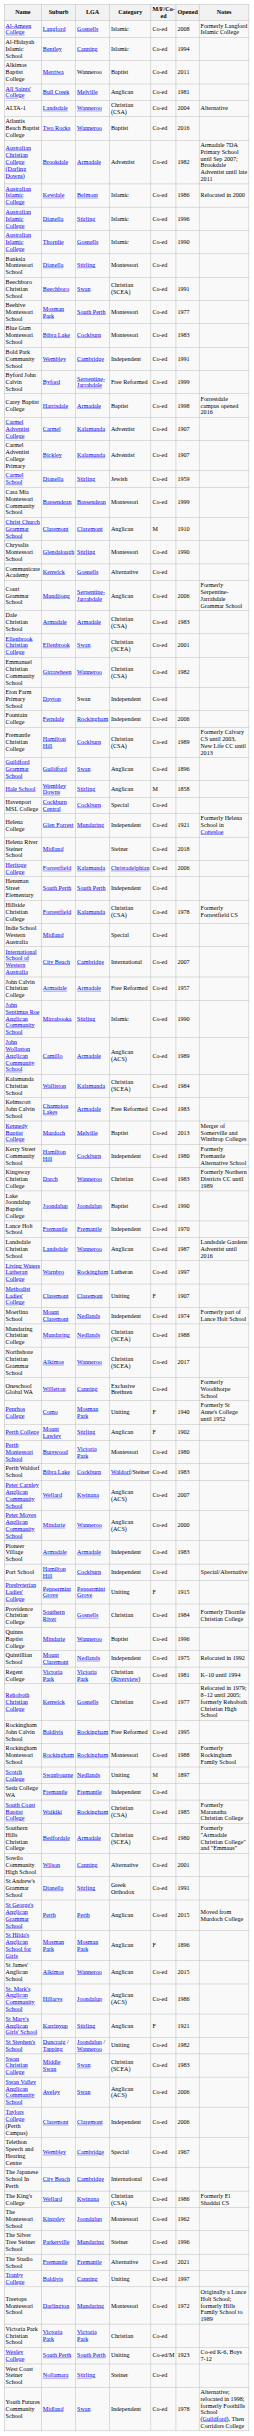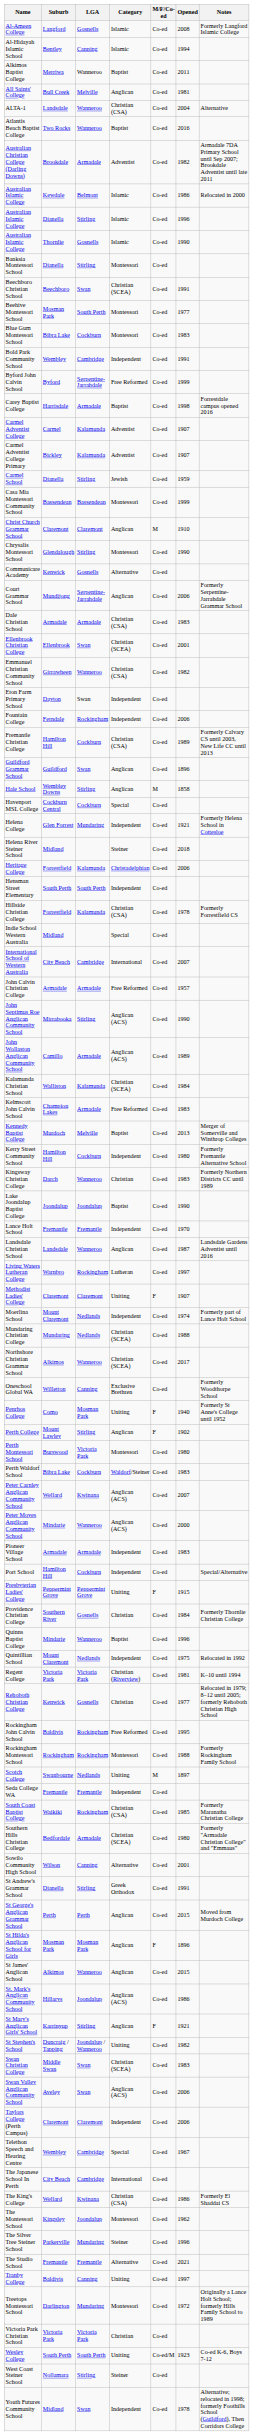 <table class="wikitable sortable">
 <tr>
 <th>Name</th>
 <th>Suburb</th>
 <th>LGA</th>
 <th>Category</th>
 <th>M/F/Co-ed</th>
 <th>Opened</th>
 <th>Notes</th>
 </tr>
 <tr>
 <td><a href='#'>Al-Ameen College</a></td>
 <td><a href='#'>Langford</a></td>
 <td><a href='#'>Gosnells</a></td>
 <td>Islamic</td>
 <td>Co-ed</td>
 <td>2008</td>
 <td>Formerly Langford Islamic College</td>
 </tr>
 <tr>
 <td>Al-Hidayah Islamic School</td>
 <td><a href='#'>Bentley</a></td>
 <td><a href='#'>Canning</a></td>
 <td>Islamic</td>
 <td>Co-ed</td>
 <td>1994</td>
 <td></td>
 </tr>
 <tr>
 <td>Alkimos Baptist College</td>
 <td><a href='#'>Merriwa</a></td>
 <td>Wanneroo</td>
 <td>Baptist</td>
 <td>Co-ed</td>
 <td>2011</td>
 <td></td>
 </tr>
 <tr>
 <td><a href='#'>All Saints' College</a></td>
 <td><a href='#'>Bull Creek</a></td>
 <td><a href='#'>Melville</a></td>
 <td>Anglican</td>
 <td>Co-ed</td>
 <td>1981</td>
 <td></td>
 </tr>
 <tr>
 <td>ALTA-1</td>
 <td><a href='#'>Landsdale</a></td>
 <td><a href='#'>Wanneroo</a></td>
 <td>Christian (CSA)</td>
 <td>Co-ed</td>
 <td>2004</td>
 <td>Alternative</td>
 </tr>
 <tr>
 <td>Atlantis Beach Baptist College</td>
 <td><a href='#'>Two Rocks</a></td>
 <td><a href='#'>Wanneroo</a></td>
 <td>Baptist</td>
 <td>Co-ed</td>
 <td>2016</td>
 <td></td>
 </tr>
 <tr>
 <td><a href='#'>Australian Christian College (Darling Downs)</a></td>
 <td><a href='#'>Brookdale</a></td>
 <td><a href='#'>Armadale</a></td>
 <td>Adventist</td>
 <td>Co-ed</td>
 <td>1982</td>
 <td>Armadale 7DA Primary School until Sep 2007; Brookdale Adventist until late 2011</td>
 </tr>
 <tr>
 <td><a href='#'>Australian Islamic College</a></td>
 <td><a href='#'>Kewdale</a></td>
 <td><a href='#'>Belmont</a></td>
 <td>Islamic</td>
 <td>Co-ed</td>
 <td>1986</td>
 <td>Relocated in 2000</td>
 </tr>
 <tr>
 <td><a href='#'>Australian Islamic College</a></td>
 <td><a href='#'>Dianella</a></td>
 <td><a href='#'>Stirling</a></td>
 <td>Islamic</td>
 <td>Co-ed</td>
 <td>1996</td>
 <td></td>
 </tr>
 <tr>
 <td><a href='#'>Australian Islamic College</a></td>
 <td><a href='#'>Thornlie</a></td>
 <td><a href='#'>Gosnells</a></td>
 <td>Islamic</td>
 <td>Co-ed</td>
 <td>1990</td>
 <td></td>
 </tr>
 <tr>
 <td>Banksia Montessori School</td>
 <td><a href='#'>Dianella</a></td>
 <td><a href='#'>Stirling</a></td>
 <td>Montessori</td>
 <td>Co-ed</td>
 <td></td>
 <td></td>
 </tr>
 <tr>
 <td>Beechboro Christian School</td>
 <td><a href='#'>Beechboro</a></td>
 <td><a href='#'>Swan</a></td>
 <td>Christian (SCEA)</td>
 <td>Co-ed</td>
 <td>1991</td>
 <td></td>
 </tr>
 <tr>
 <td>Beehive Montessori School</td>
 <td><a href='#'>Mosman Park</a></td>
 <td><a href='#'>South Perth</a></td>
 <td>Montessori</td>
 <td>Co-ed</td>
 <td>1977</td>
 <td></td>
 </tr>
 <tr>
 <td>Blue Gum Montessori School</td>
 <td><a href='#'>Bibra Lake</a></td>
 <td><a href='#'>Cockburn</a></td>
 <td>Montessori</td>
 <td>Co-ed</td>
 <td>1983</td>
 <td></td>
 </tr>
 <tr>
 <td>Bold Park Community School</td>
 <td><a href='#'>Wembley</a></td>
 <td><a href='#'>Cambridge</a></td>
 <td>Independent</td>
 <td>Co-ed</td>
 <td>1991</td>
 <td></td>
 </tr>
 <tr>
 <td>Byford John Calvin School</td>
 <td><a href='#'>Byford</a></td>
 <td><a href='#'>Serpentine-Jarrahdale</a></td>
 <td>Free Reformed</td>
 <td>Co-ed</td>
 <td>1999</td>
 <td></td>
 </tr>
 <tr>
 <td>Carey Baptist College</td>
 <td><a href='#'>Harrisdale</a></td>
 <td><a href='#'>Armadale</a></td>
 <td>Baptist</td>
 <td>Co-ed</td>
 <td>1998</td>
 <td>Forrestdale campus opened 2016</td>
 </tr>
 <tr>
 <td><a href='#'>Carmel Adventist College</a></td>
 <td><a href='#'>Carmel</a></td>
 <td><a href='#'>Kalamunda</a></td>
 <td>Adventist</td>
 <td>Co-ed</td>
 <td>1907</td>
 <td></td>
 </tr>
 <tr>
 <td>Carmel Adventist College Primary</td>
 <td><a href='#'>Bickley</a></td>
 <td><a href='#'>Kalamunda</a></td>
 <td>Adventist</td>
 <td>Co-ed</td>
 <td>1907</td>
 <td></td>
 </tr>
 <tr>
 <td><a href='#'>Carmel School</a></td>
 <td><a href='#'>Dianella</a></td>
 <td><a href='#'>Stirling</a></td>
 <td>Jewish</td>
 <td>Co-ed</td>
 <td>1959</td>
 <td></td>
 </tr>
 <tr>
 <td>Casa Mia Montessori Community School</td>
 <td><a href='#'>Bassendean</a></td>
 <td><a href='#'>Bassendean</a></td>
 <td>Montessori</td>
 <td>Co-ed</td>
 <td>1999</td>
 <td></td>
 </tr>
 <tr>
 <td><a href='#'>Christ Church Grammar School</a></td>
 <td><a href='#'>Claremont</a></td>
 <td><a href='#'>Claremont</a></td>
 <td>Anglican</td>
 <td>M</td>
 <td>1910</td>
 <td></td>
 </tr>
 <tr>
 <td>Chrysalis Montessori School</td>
 <td><a href='#'>Glendalough</a></td>
 <td><a href='#'>Stirling</a></td>
 <td>Montessori</td>
 <td>Co-ed</td>
 <td>1990</td>
 <td></td>
 </tr>
 <tr>
 <td>Communicare Academy</td>
 <td><a href='#'>Kenwick</a></td>
 <td><a href='#'>Gosnells</a></td>
 <td>Alternative</td>
 <td>Co-ed</td>
 <td></td>
 <td></td>
 </tr>
 <tr>
 <td>Court Grammar School</td>
 <td><a href='#'>Mundijong</a></td>
 <td><a href='#'>Serpentine-Jarrahdale</a></td>
 <td>Anglican</td>
 <td>Co-ed</td>
 <td>2006</td>
 <td>Formerly Serpentine-Jarrahdale Grammar School</td>
 </tr>
 <tr>
 <td>Dale Christian School</td>
 <td><a href='#'>Armadale</a></td>
 <td><a href='#'>Armadale</a></td>
 <td>Christian (CSA)</td>
 <td>Co-ed</td>
 <td>1983</td>
 <td></td>
 </tr>
 <tr>
 <td><a href='#'>Ellenbrook Christian College</a></td>
 <td><a href='#'>Ellenbrook</a></td>
 <td><a href='#'>Swan</a></td>
 <td>Christian (SCEA)</td>
 <td>Co-ed</td>
 <td>2001</td>
 <td></td>
 </tr>
 <tr>
 <td>Emmanuel Christian Community School</td>
 <td><a href='#'>Girrawheen</a></td>
 <td><a href='#'>Wanneroo</a></td>
 <td>Christian (CSA)</td>
 <td>Co-ed</td>
 <td>1982</td>
 <td></td>
 </tr>
 <tr>
 <td>Eton Farm Primary School</td>
 <td><a href='#'>Dayton</a></td>
 <td>Swan</td>
 <td>Independent</td>
 <td>Co-ed</td>
 <td></td>
 <td></td>
 </tr>
 <tr>
 <td>Fountain College</td>
 <td><a href='#'>Ferndale</a></td>
 <td><a href='#'>Rockingham</a></td>
 <td>Independent</td>
 <td>Co-ed</td>
 <td>2006</td>
 <td></td>
 </tr>
 <tr>
 <td>Fremantle Christian College</td>
 <td><a href='#'>Hamilton Hill</a></td>
 <td><a href='#'>Cockburn</a></td>
 <td>Christian (CSA)</td>
 <td>Co-ed</td>
 <td>1989</td>
 <td>Formerly Calvary CS until 2003, New Life CC until 2013</td>
 </tr>
 <tr>
 <td><a href='#'>Guildford Grammar School</a></td>
 <td><a href='#'>Guildford</a></td>
 <td><a href='#'>Swan</a></td>
 <td>Anglican</td>
 <td>Co-ed</td>
 <td>1896</td>
 <td></td>
 </tr>
 <tr>
 <td><a href='#'>Hale School</a></td>
 <td><a href='#'>Wembley Downs</a></td>
 <td><a href='#'>Stirling</a></td>
 <td>Anglican</td>
 <td>M</td>
 <td>1858</td>
 <td></td>
 </tr>
 <tr>
 <td>Havenport MSL College</td>
 <td><a href='#'>Cockburn Central</a></td>
 <td><a href='#'>Cockburn</a></td>
 <td>Special</td>
 <td>Co-ed</td>
 <td></td>
 <td></td>
 </tr>
 <tr>
 <td>Helena College</td>
 <td><a href='#'>Glen Forrest</a></td>
 <td><a href='#'>Mundaring</a></td>
 <td>Independent</td>
 <td>Co-ed</td>
 <td>1921</td>
 <td>Formerly Helena School in <a href='#'>Cottesloe</a></td>
 </tr>
 <tr>
 <td>Helena River Steiner School</td>
 <td><a href='#'>Midland</a></td>
 <td></td>
 <td>Steiner</td>
 <td>Co-ed</td>
 <td>2018</td>
 <td></td>
 </tr>
 <tr>
 <td><a href='#'>Heritage College</a></td>
 <td><a href='#'>Forrestfield</a></td>
 <td><a href='#'>Kalamunda</a></td>
 <td><a href='#'>Christadelphian</a></td>
 <td>Co-ed</td>
 <td>2006</td>
 <td></td>
 </tr>
 <tr>
 <td>Hensman Street Elementary</td>
 <td><a href='#'>South Perth</a></td>
 <td><a href='#'>South Perth</a></td>
 <td>Independent</td>
 <td>Co-ed</td>
 <td></td>
 <td></td>
 </tr>
 <tr>
 <td>Hillside Christian College</td>
 <td><a href='#'>Forrestfield</a></td>
 <td><a href='#'>Kalamunda</a></td>
 <td>Christian (CSA)</td>
 <td>Co-ed</td>
 <td>1978</td>
 <td>Formerly Forrestfield CS</td>
 </tr>
 <tr>
 <td>Indie School Western Australia</td>
 <td><a href='#'>Midland</a></td>
 <td></td>
 <td>Special</td>
 <td>Co-ed</td>
 <td></td>
 <td></td>
 </tr>
 <tr>
 <td><a href='#'>International School of Western Australia</a></td>
 <td><a href='#'>City Beach</a></td>
 <td><a href='#'>Cambridge</a></td>
 <td>International</td>
 <td>Co-ed</td>
 <td>2007</td>
 <td></td>
 </tr>
 <tr>
 <td>John Calvin Christian College</td>
 <td><a href='#'>Armadale</a></td>
 <td><a href='#'>Armadale</a></td>
 <td>Free Reformed</td>
 <td>Co-ed</td>
 <td>1957</td>
 <td></td>
 </tr>
 <tr>
 <td><a href='#'>John Septimus Roe Anglican Community School</a></td>
 <td><a href='#'>Mirrabooka</a></td>
 <td><a href='#'>Stirling</a></td>
-<td>Islamic</td>
+<td>Anglican (ACS)</td>
 <td>Co-ed</td>
 <td>1990</td>
 <td></td>
 </tr>
 <tr>
 <td><a href='#'>John Wollaston Anglican Community School</a></td>
 <td><a href='#'>Camillo</a></td>
 <td><a href='#'>Armadale</a></td>
 <td>Anglican (ACS)</td>
 <td>Co-ed</td>
 <td>1989</td>
 <td></td>
 </tr>
 <tr>
 <td>Kalamunda Christian School</td>
 <td><a href='#'>Walliston</a></td>
 <td><a href='#'>Kalamunda</a></td>
 <td>Christian (SCEA)</td>
 <td>Co-ed</td>
 <td>1984</td>
 <td></td>
 </tr>
 <tr>
 <td>Kelmscott John Calvin School</td>
 <td><a href='#'>Champion Lakes</a></td>
 <td><a href='#'>Armadale</a></td>
 <td>Free Reformed</td>
 <td>Co-ed</td>
 <td>1983</td>
 <td></td>
 </tr>
 <tr>
 <td><a href='#'>Kennedy Baptist College</a></td>
 <td><a href='#'>Murdoch</a></td>
 <td><a href='#'>Melville</a></td>
 <td>Baptist</td>
 <td>Co-ed</td>
 <td>2013</td>
 <td>Merger of Somerville and Winthrop Colleges</td>
 </tr>
 <tr>
 <td>Kerry Street Community School</td>
 <td><a href='#'>Hamilton Hill</a></td>
 <td><a href='#'>Cockburn</a></td>
 <td>Independent</td>
 <td>Co-ed</td>
 <td>1980</td>
 <td>Formerly Fremantle Alternative School</td>
 </tr>
 <tr>
 <td>Kingsway Christian College</td>
 <td><a href='#'>Darch</a></td>
 <td><a href='#'>Wanneroo</a></td>
 <td>Christian</td>
 <td>Co-ed</td>
 <td>1983</td>
 <td>Formerly Northern Districts CC until 1989</td>
 </tr>
 <tr>
 <td>Lake Joondalup Baptist College</td>
 <td><a href='#'>Joondalup</a></td>
 <td><a href='#'>Joondalup</a></td>
 <td>Baptist</td>
 <td>Co-ed</td>
 <td>1990</td>
 <td></td>
 </tr>
 <tr>
 <td>Lance Holt School</td>
 <td><a href='#'>Fremantle</a></td>
 <td><a href='#'>Fremantle</a></td>
 <td>Independent</td>
 <td>Co-ed</td>
 <td>1970</td>
 <td></td>
 </tr>
 <tr>
 <td>Landsdale Christian School</td>
 <td><a href='#'>Landsdale</a></td>
 <td><a href='#'>Wanneroo</a></td>
 <td>Anglican</td>
 <td>Co-ed</td>
 <td>1987</td>
 <td>Landsdale Gardens Adventist until 2016</td>
 </tr>
 <tr>
 <td><a href='#'>Living Waters Lutheran College</a></td>
 <td><a href='#'>Warnbro</a></td>
 <td><a href='#'>Rockingham</a></td>
 <td>Lutheran</td>
 <td>Co-ed</td>
 <td>1997</td>
 <td></td>
 </tr>
 <tr>
 <td><a href='#'>Methodist Ladies' College</a></td>
 <td><a href='#'>Claremont</a></td>
 <td><a href='#'>Claremont</a></td>
 <td>Uniting</td>
 <td>F</td>
 <td>1907</td>
 <td></td>
 </tr>
 <tr>
 <td>Moerlina School</td>
 <td><a href='#'>Mount Claremont</a></td>
 <td><a href='#'>Nedlands</a></td>
 <td>Independent</td>
 <td>Co-ed</td>
 <td>1974</td>
 <td>Formerly part of Lance Holt School</td>
 </tr>
 <tr>
 <td>Mundaring Christian College</td>
 <td><a href='#'>Mundaring</a></td>
 <td><a href='#'>Nedlands</a></td>
 <td>Christian (SCEA)</td>
 <td>Co-ed</td>
 <td>1988</td>
 <td></td>
 </tr>
 <tr>
 <td>Northshore Christian Grammar School</td>
 <td><a href='#'>Alkimos</a></td>
 <td><a href='#'>Wanneroo</a></td>
 <td>Christian (SCEA)</td>
 <td>Co-ed</td>
 <td>2017</td>
 <td></td>
 </tr>
 <tr>
 <td>Oneschool Global WA</td>
 <td><a href='#'>Willetton</a></td>
 <td><a href='#'>Canning</a></td>
 <td>Exclusive Brethren</td>
 <td>Co-ed</td>
 <td></td>
 <td>Formerly Woodthorpe School</td>
 </tr>
 <tr>
 <td><a href='#'>Penrhos College</a></td>
 <td><a href='#'>Como</a></td>
 <td><a href='#'>Mosman Park</a></td>
 <td>Uniting</td>
 <td>F</td>
 <td>1940</td>
 <td>Formerly St Anne's College until 1952</td>
 </tr>
 <tr>
 <td><a href='#'>Perth College</a></td>
 <td><a href='#'>Mount Lawley</a></td>
 <td><a href='#'>Stirling</a></td>
 <td>Anglican</td>
 <td>F</td>
 <td>1902</td>
 <td></td>
 </tr>
 <tr>
 <td><a href='#'>Perth Montessori School</a></td>
 <td><a href='#'>Burswood</a></td>
 <td><a href='#'>Victoria Park</a></td>
 <td>Montessori</td>
 <td>Co-ed</td>
 <td>1980</td>
 <td></td>
 </tr>
 <tr>
 <td>Perth Waldorf School</td>
 <td><a href='#'>Bibra Lake</a></td>
 <td><a href='#'>Cockburn</a></td>
 <td><a href='#'>Waldorf</a>/Steiner</td>
 <td>Co-ed</td>
 <td>1983</td>
 <td></td>
 </tr>
 <tr>
 <td><a href='#'>Peter Carnley Anglican Community School</a></td>
 <td><a href='#'>Wellard</a></td>
 <td><a href='#'>Kwinana</a></td>
 <td>Anglican (ACS)</td>
 <td>Co-ed</td>
 <td>2007</td>
 <td></td>
 </tr>
 <tr>
 <td><a href='#'>Peter Moyes Anglican Community School</a></td>
 <td><a href='#'>Mindarie</a></td>
 <td><a href='#'>Wanneroo</a></td>
 <td>Anglican (ACS)</td>
 <td>Co-ed</td>
 <td>2000</td>
 <td></td>
 </tr>
 <tr>
 <td>Pioneer Village School</td>
 <td><a href='#'>Armadale</a></td>
 <td><a href='#'>Armadale</a></td>
 <td>Independent</td>
 <td>Co-ed</td>
 <td>1983</td>
 <td></td>
 </tr>
 <tr>
 <td>Port School</td>
 <td><a href='#'>Hamilton Hill</a></td>
 <td><a href='#'>Cockburn</a></td>
 <td>Independent</td>
 <td>Co-ed</td>
 <td></td>
 <td>Special/Alternative</td>
 </tr>
 <tr>
 <td><a href='#'>Presbyterian Ladies' College</a></td>
 <td><a href='#'>Peppermint Grove</a></td>
 <td><a href='#'>Peppermint Grove</a></td>
 <td>Uniting</td>
 <td>F</td>
 <td>1915</td>
 <td></td>
 </tr>
 <tr>
 <td>Providence Christian College</td>
 <td><a href='#'>Southern River</a></td>
 <td><a href='#'>Gosnells</a></td>
 <td>Christian</td>
 <td>Co-ed</td>
 <td>1984</td>
 <td>Formerly Thornlie Christian College</td>
 </tr>
 <tr>
 <td>Quinns Baptist College</td>
 <td><a href='#'>Mindarie</a></td>
 <td><a href='#'>Wanneroo</a></td>
 <td>Baptist</td>
 <td>Co-ed</td>
 <td>1996</td>
 <td></td>
 </tr>
 <tr>
 <td>Quintillian School</td>
 <td><a href='#'>Mount Claremont</a></td>
 <td><a href='#'>Nedlands</a></td>
 <td>Independent</td>
 <td>Co-ed</td>
 <td>1975</td>
 <td>Relocated in 1992</td>
 </tr>
 <tr>
 <td>Regent College</td>
 <td><a href='#'>Victoria Park</a></td>
 <td><a href='#'>Victoria Park</a></td>
 <td>Christian (<a href='#'>Riverview</a>)</td>
 <td>Co-ed</td>
 <td>1981</td>
 <td>K–10 until 1994</td>
 </tr>
 <tr>
 <td><a href='#'>Rehoboth Christian College</a></td>
 <td><a href='#'>Kenwick</a></td>
 <td><a href='#'>Gosnells</a></td>
 <td>Christian</td>
 <td>Co-ed</td>
 <td>1977</td>
 <td>Relocated in 1979; 8–12 until 2005; formerly Rehoboth Christian High School</td>
 </tr>
 <tr>
 <td>Rockingham John Calvin School</td>
 <td><a href='#'>Baldivis</a></td>
 <td><a href='#'>Rockingham</a></td>
 <td>Free Reformed</td>
 <td>Co-ed</td>
 <td>1995</td>
 <td></td>
 </tr>
 <tr>
 <td>Rockingham Montessori School</td>
 <td><a href='#'>Rockingham</a></td>
 <td><a href='#'>Rockingham</a></td>
 <td>Montessori</td>
 <td>Co-ed</td>
 <td>1988</td>
 <td>Formerly Rockingham Family School</td>
 </tr>
 <tr>
 <td><a href='#'>Scotch College</a></td>
 <td><a href='#'>Swanbourne</a></td>
 <td><a href='#'>Nedlands</a></td>
 <td>Uniting</td>
 <td>M</td>
 <td>1897</td>
 <td></td>
 </tr>
 <tr>
 <td>Seda College WA</td>
 <td><a href='#'>Fremantle</a></td>
 <td><a href='#'>Fremantle</a></td>
 <td>Independent</td>
 <td>Co-ed</td>
 <td></td>
 <td></td>
 </tr>
 <tr>
 <td><a href='#'>South Coast Baptist College</a></td>
 <td><a href='#'>Waikiki</a></td>
 <td><a href='#'>Rockingham</a></td>
 <td>Christian (CSA)</td>
 <td>Co-ed</td>
 <td>1985</td>
 <td>Formerly Maranatha Christian College</td>
 </tr>
 <tr>
 <td>Southern Hills Christian College</td>
 <td><a href='#'>Bedfordale</a></td>
 <td><a href='#'>Armadale</a></td>
 <td>Christian (SCEA)</td>
 <td>Co-ed</td>
 <td>1980</td>
 <td>Formerly "Armadale Christian College" and "Emmaus"</td>
 </tr>
 <tr>
 <td>Sowilo Community High School</td>
 <td><a href='#'>Wilson</a></td>
 <td><a href='#'>Canning</a></td>
 <td>Alternative</td>
 <td>Co-ed</td>
 <td>2001</td>
 <td></td>
 </tr>
 <tr>
 <td>St Andrew's Grammar School</td>
 <td><a href='#'>Dianella</a></td>
 <td><a href='#'>Stirling</a></td>
 <td>Greek Orthodox</td>
 <td>Co-ed</td>
 <td>1991</td>
 <td></td>
 </tr>
 <tr>
 <td><a href='#'>St George's Anglican Grammar School</a></td>
 <td><a href='#'>Perth</a></td>
 <td><a href='#'>Perth</a></td>
 <td>Anglican</td>
 <td>Co-ed</td>
 <td>2015</td>
 <td>Moved from Murdoch College</td>
 </tr>
 <tr>
 <td><a href='#'>St Hilda's Anglican School for Girls</a></td>
 <td><a href='#'>Mosman Park</a></td>
 <td><a href='#'>Mosman Park</a></td>
 <td>Anglican</td>
 <td>F</td>
 <td>1896</td>
 <td></td>
 </tr>
 <tr>
 <td>St James' Anglican School</td>
 <td><a href='#'>Alkimos</a></td>
 <td><a href='#'>Wanneroo</a></td>
 <td>Anglican</td>
 <td>Co-ed</td>
 <td>2015</td>
 <td></td>
 </tr>
 <tr>
 <td><a href='#'>St. Mark's Anglican Community School</a></td>
 <td><a href='#'>Hillarys</a></td>
 <td><a href='#'>Joondalup</a></td>
 <td>Anglican (ACS)</td>
 <td>Co-ed</td>
 <td>1986</td>
 <td></td>
 </tr>
 <tr>
 <td><a href='#'>St Mary's Anglican Girls' School</a></td>
 <td><a href='#'>Karrinyup</a></td>
 <td><a href='#'>Stirling</a></td>
 <td>Anglican</td>
 <td>F</td>
 <td>1921</td>
 <td></td>
 </tr>
 <tr>
 <td><a href='#'>St Stephen's School</a></td>
 <td><a href='#'>Duncraig</a> /<br><a href='#'>Tapping</a></td>
 <td><a href='#'>Joondalup</a> /<br><a href='#'>Wanneroo</a></td>
 <td>Uniting</td>
 <td>Co-ed</td>
 <td>1982</td>
 <td></td>
 </tr>
 <tr>
 <td><a href='#'>Swan Christian College</a></td>
 <td><a href='#'>Middle Swan</a></td>
 <td><a href='#'>Swan</a></td>
 <td>Christian (SCEA)</td>
 <td>Co-ed</td>
 <td>1983</td>
 <td></td>
 </tr>
 <tr>
 <td><a href='#'>Swan Valley Anglican Community School</a></td>
 <td><a href='#'>Aveley</a></td>
 <td><a href='#'>Swan</a></td>
 <td>Anglican (ACS)</td>
 <td>Co-ed</td>
 <td>2006</td>
 <td></td>
 </tr>
 <tr>
 <td><a href='#'>Taylors College</a> (Perth Campus)</td>
 <td><a href='#'>Claremont</a></td>
 <td><a href='#'>Claremont</a></td>
 <td>Independent</td>
 <td>Co-ed</td>
 <td>2006</td>
 <td></td>
 </tr>
 <tr>
 <td>Telethon Speech and Hearing Centre</td>
 <td><a href='#'>Wembley</a></td>
 <td><a href='#'>Cambridge</a></td>
 <td>Special</td>
 <td>Co-ed</td>
 <td>1967</td>
 <td></td>
 </tr>
 <tr>
 <td>The Japanese School In Perth</td>
 <td><a href='#'>City Beach</a></td>
 <td><a href='#'>Cambridge</a></td>
 <td>International</td>
 <td>Co-ed</td>
 <td></td>
 <td></td>
 </tr>
 <tr>
 <td>The King's College</td>
 <td><a href='#'>Wellard</a></td>
 <td><a href='#'>Kwinana</a></td>
 <td>Christian (CSA)</td>
 <td>Co-ed</td>
 <td>1986</td>
 <td>Formerly El Shaddai CS</td>
 </tr>
 <tr>
 <td>The Montessori School</td>
 <td><a href='#'>Kingsley</a></td>
 <td><a href='#'>Joondalup</a></td>
 <td>Montessori</td>
 <td>Co-ed</td>
 <td>1962</td>
 <td></td>
 </tr>
 <tr>
 <td>The Silver Tree Steiner School</td>
 <td><a href='#'>Parkerville</a></td>
 <td><a href='#'>Mundaring</a></td>
 <td>Steiner</td>
 <td>Co-ed</td>
 <td>1996</td>
 <td></td>
 </tr>
 <tr>
 <td>The Studio School</td>
 <td><a href='#'>Fremantle</a></td>
 <td><a href='#'>Fremantle</a></td>
 <td>Alternative</td>
 <td>Co-ed</td>
 <td>2021</td>
 <td></td>
 </tr>
 <tr>
 <td><a href='#'>Tranby College</a></td>
 <td><a href='#'>Baldivis</a></td>
 <td><a href='#'>Canning</a></td>
 <td>Uniting</td>
 <td>Co-ed</td>
 <td>1997</td>
 <td></td>
 </tr>
 <tr>
 <td>Treetops Montessori School</td>
 <td><a href='#'>Darlington</a></td>
 <td><a href='#'>Mundaring</a></td>
 <td>Montessori</td>
 <td>Co-ed</td>
 <td>1972</td>
 <td>Originally a Lance Holt School;<br>formerly Hills Family School to 1989</td>
 </tr>
 <tr>
 <td>Victoria Park Christian School</td>
 <td><a href='#'>Victoria Park</a></td>
 <td><a href='#'>Victoria Park</a></td>
 <td>Christian</td>
 <td>Co-ed</td>
 <td></td>
 <td></td>
 </tr>
 <tr>
 <td><a href='#'>Wesley College</a></td>
 <td><a href='#'>South Perth</a></td>
 <td><a href='#'>South Perth</a></td>
 <td>Uniting</td>
 <td>Co-ed/M</td>
 <td>1923</td>
 <td>Co-ed K-6, Boys 7-12</td>
 </tr>
 <tr>
 <td>West Coast Steiner School</td>
 <td><a href='#'>Nollamara</a></td>
 <td><a href='#'>Stirling</a></td>
 <td>Steiner</td>
 <td>Co-ed</td>
 <td></td>
 <td></td>
 </tr>
 <tr>
 <td>Youth Futures Community School</td>
 <td><a href='#'>Midland</a></td>
 <td><a href='#'>Swan</a></td>
 <td>Independent</td>
 <td>Co-ed</td>
 <td>1978</td>
 <td>Alternative; relocated in 1998;<br>formerly Foothills School (<a href='#'>Guildford</a>), Then Corridors College</td>
 </tr>
 </table>
